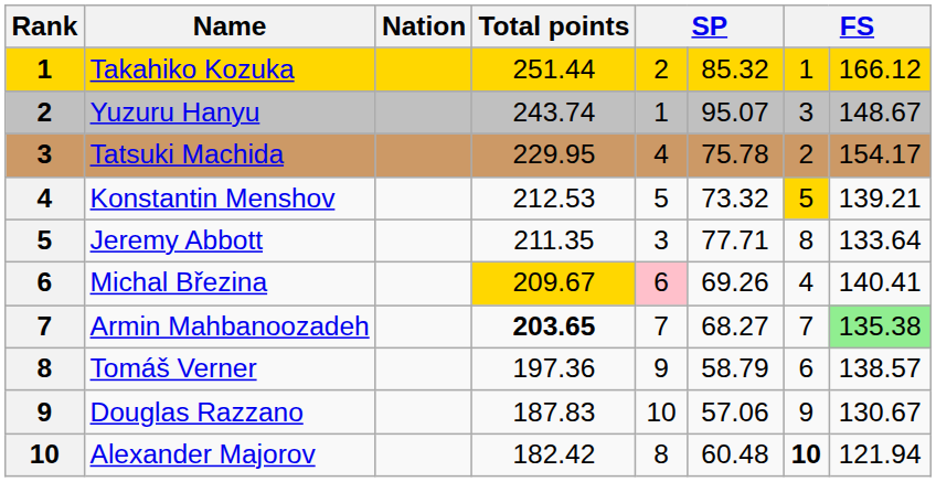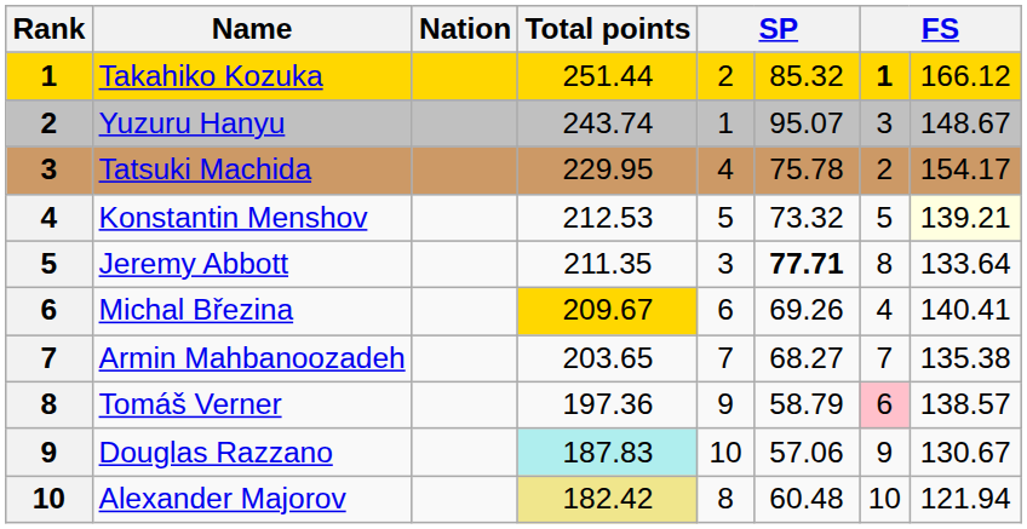 <table class="wikitable sortable">
 <tr>
 <th>Rank</th>
 <th>Name</th>
 <th>Nation</th>
 <th>Total points</th>
 <th colspan="2" width="80px"><a href='#'>SP</a></th>
 <th colspan="2" width="80px"><a href='#'>FS</a></th>
 </tr>
 <tr bgcolor="gold">
 <td align="center"><strong>1</strong></td>
 <td><a href='#'>Takahiko Kozuka</a></td>
 <td></td>
 <td align="center">251.44</td>
 <td align="center">2</td>
 <td align="center">85.32</td>
-<td align="center">1</td>
+<td align="center"><strong>1</strong></td>
 <td align="center">166.12</td>
 </tr>
 <tr bgcolor="silver">
 <td align="center"><strong>2</strong></td>
 <td><a href='#'>Yuzuru Hanyu</a></td>
 <td></td>
 <td align="center">243.74</td>
 <td align="center">1</td>
 <td align="center">95.07</td>
 <td align="center">3</td>
 <td align="center">148.67</td>
 </tr>
 <tr bgcolor="cc9966">
 <td align="center"><strong>3</strong></td>
 <td><a href='#'>Tatsuki Machida</a></td>
 <td></td>
 <td align="center">229.95</td>
 <td align="center">4</td>
 <td align="center">75.78</td>
 <td align="center">2</td>
 <td align="center">154.17</td>
 </tr>
 <tr>
 <th>4</th>
 <td><a href='#'>Konstantin Menshov</a></td>
 <td></td>
 <td align="center">212.53</td>
 <td align="center">5</td>
 <td align="center">73.32</td>
-<td align="center" style="background: gold;">5</td>
-<td align="center">139.21</td>
+<td align="center">5</td>
+<td align="center" style="background: lightyellow;">139.21</td>
 </tr>
 <tr>
 <th>5</th>
 <td><a href='#'>Jeremy Abbott</a></td>
 <td></td>
 <td align="center">211.35</td>
 <td align="center">3</td>
-<td align="center">77.71</td>
+<td align="center"><strong>77.71</strong></td>
 <td align="center">8</td>
 <td align="center">133.64</td>
 </tr>
 <tr>
 <th>6</th>
 <td><a href='#'>Michal Březina</a></td>
 <td></td>
 <td align="center" style="background: gold;">209.67</td>
-<td align="center" style="background: pink;">6</td>
+<td align="center">6</td>
 <td align="center">69.26</td>
 <td align="center">4</td>
 <td align="center">140.41</td>
 </tr>
 <tr>
 <th>7</th>
 <td><a href='#'>Armin Mahbanoozadeh</a></td>
 <td></td>
-<td align="center"><strong>203.65</strong></td>
+<td align="center">203.65</td>
 <td align="center">7</td>
 <td align="center">68.27</td>
 <td align="center">7</td>
-<td align="center" style="background: lightgreen;">135.38</td>
+<td align="center">135.38</td>
 </tr>
 <tr>
 <th>8</th>
 <td><a href='#'>Tomáš Verner</a></td>
 <td></td>
 <td align="center">197.36</td>
 <td align="center">9</td>
 <td align="center">58.79</td>
-<td align="center">6</td>
+<td align="center" style="background: pink;">6</td>
 <td align="center">138.57</td>
 </tr>
 <tr>
 <th>9</th>
 <td><a href='#'>Douglas Razzano</a></td>
 <td></td>
-<td align="center">187.83</td>
+<td align="center" style="background: paleturquoise;">187.83</td>
 <td align="center">10</td>
 <td align="center">57.06</td>
 <td align="center">9</td>
 <td align="center">130.67</td>
 </tr>
 <tr>
 <th>10</th>
 <td><a href='#'>Alexander Majorov</a></td>
 <td></td>
-<td align="center">182.42</td>
+<td align="center" style="background: khaki;">182.42</td>
 <td align="center">8</td>
 <td align="center">60.48</td>
-<td align="center"><strong>10</strong></td>
+<td align="center">10</td>
 <td align="center">121.94</td>
 </tr>
 </table>
